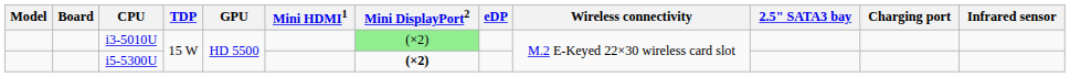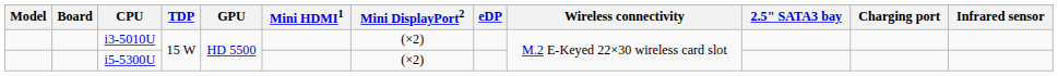 <table class=wikitable width=100% style="text-align:center">
 <tr>
 <th>Model</th>
 <th>Board</th>
 <th>CPU</th>
 <th><a href='#'>TDP</a></th>
 <th>GPU</th>
 <th><a href='#'>Mini HDMI</a><sup>1</sup></th>
 <th><a href='#'>Mini DisplayPort</a><sup>2</sup></th>
 <th><a href='#'>eDP</a></th>
 <th>Wireless connectivity</th>
 <th><a href='#'>2.5" SATA3 bay</a></th>
 <th>Charging port</th>
 <th>Infrared sensor</th>
 </tr>
 <tr>
 <td></td>
 <td></td>
 <td><a href='#'>i3-5010U</a></td>
 <td rowspan=2>15 W</td>
 <td rowspan=2><a href='#'>HD 5500</a></td>
 <td></td>
-<td style="background: lightgreen;"> (×2)</td>
+<td> (×2)</td>
 <td></td>
 <td rowspan=2><a href='#'>M.2</a> E-Keyed 22×30 wireless card slot</td>
 <td></td>
 <td></td>
 <td></td>
 </tr>
 <tr>
 <td></td>
 <td></td>
 <td><a href='#'>i5-5300U</a></td>
 <td></td>
-<td><strong> (×2)</strong></td>
+<td> (×2)</td>
 <td></td>
 <td></td>
 <td></td>
 <td></td>
 </tr>
 </table>
